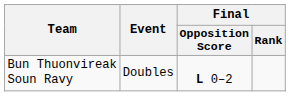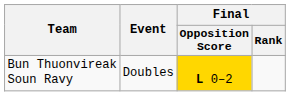 <table class="wikitable" style="font-size:90%">
 <tr>
 <th rowspan=2>Team</th>
 <th rowspan=2>Event</th>
 <th colspan=2>Final</th>
 </tr>
 <tr style="font-size:95%">
 <th>Opposition<br>Score</th>
 <th>Rank</th>
 </tr>
 <tr align=center>
 <td align=left>Bun Thuonvireak<br>Soun Ravy</td>
 <td rowspan=2>Doubles</td>
-<td><br> <strong>L</strong> 0–2</td>
+<td style="background: gold;"><br> <strong>L</strong> 0–2</td>
 <td></td>
 </tr>
 </table>
